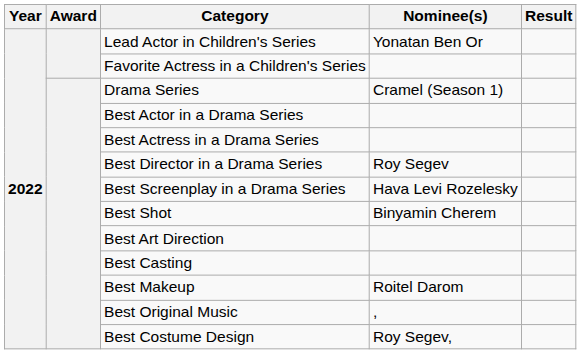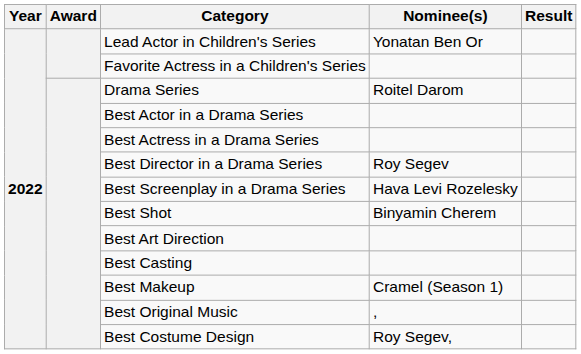 <table class="wikitable">
 <tr>
 <th>Year</th>
 <th>Award</th>
 <th>Category</th>
 <th>Nominee(s)</th>
 <th>Result</th>
 </tr>
 <tr>
 <th scope="rowgroup" rowspan="13">2022</th>
 <th scope="rowgroup" rowspan="2"></th>
 <td>Lead Actor in Children's Series</td>
 <td>Yonatan Ben Or</td>
 <td></td>
 </tr>
 <tr>
 <td>Favorite Actress in a Children's Series</td>
 <td></td>
 <td></td>
 </tr>
 <tr>
 <th scope="rowgroup" rowspan="11"></th>
 <td>Drama Series</td>
-<td>Cramel (Season 1)</td>
+<td>Roitel Darom</td>
 <td></td>
 </tr>
 <tr>
 <td>Best Actor in a Drama Series</td>
 <td></td>
 <td></td>
 </tr>
 <tr>
 <td>Best Actress in a Drama Series</td>
 <td></td>
 <td></td>
 </tr>
 <tr>
 <td>Best Director in a Drama Series</td>
 <td>Roy Segev</td>
 <td></td>
 </tr>
 <tr>
 <td>Best Screenplay in a Drama Series</td>
 <td>Hava Levi Rozelesky</td>
 <td></td>
 </tr>
 <tr>
 <td>Best Shot</td>
 <td>Binyamin Cherem</td>
 <td></td>
 </tr>
 <tr>
 <td>Best Art Direction</td>
 <td></td>
 <td></td>
 </tr>
 <tr>
 <td>Best Casting</td>
 <td></td>
 <td></td>
 </tr>
 <tr>
 <td>Best Makeup</td>
-<td>Roitel Darom</td>
+<td>Cramel (Season 1)</td>
 <td></td>
 </tr>
 <tr>
 <td>Best Original Music</td>
 <td>, </td>
 <td></td>
 </tr>
 <tr>
 <td>Best Costume Design</td>
 <td>Roy Segev, </td>
 <td></td>
 </tr>
 </table>
